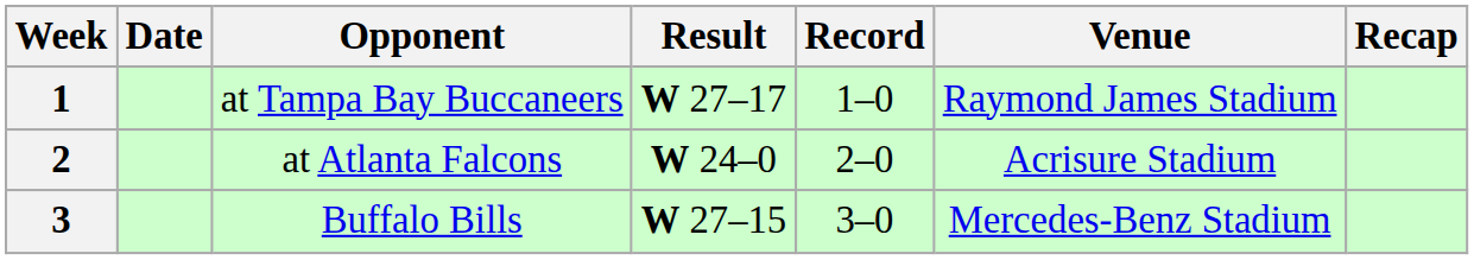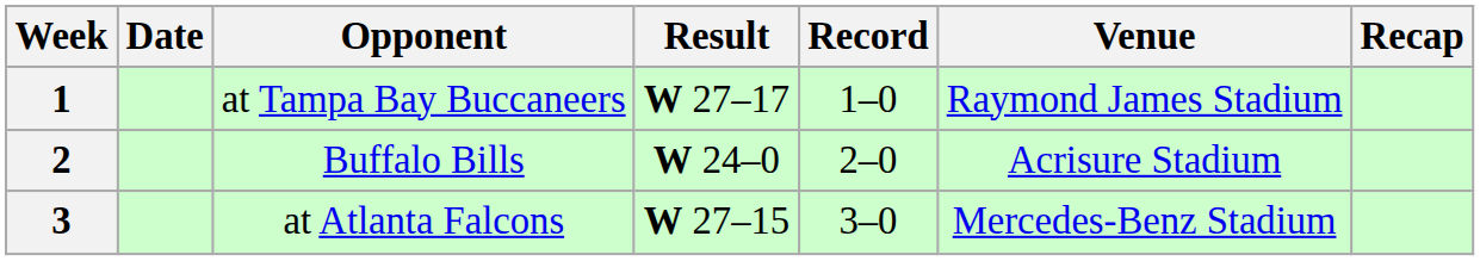 <table class="wikitable" style="text-align:center">
 <tr>
 <th>Week</th>
 <th>Date</th>
 <th>Opponent</th>
 <th>Result</th>
 <th>Record</th>
 <th>Venue</th>
 <th>Recap</th>
 </tr>
 <tr style="background:#cfc">
 <th>1</th>
 <td></td>
 <td>at <a href='#'>Tampa Bay Buccaneers</a></td>
 <td><strong>W</strong> 27–17</td>
 <td>1–0</td>
 <td><a href='#'>Raymond James Stadium</a></td>
 <td></td>
 </tr>
 <tr style="background:#cfc">
 <th>2</th>
 <td></td>
-<td>at <a href='#'>Atlanta Falcons</a></td>
+<td><a href='#'>Buffalo Bills</a></td>
 <td><strong>W</strong> 24–0</td>
 <td>2–0</td>
 <td><a href='#'>Acrisure Stadium</a></td>
 <td></td>
 </tr>
 <tr style="background:#cfc">
 <th>3</th>
 <td></td>
-<td><a href='#'>Buffalo Bills</a></td>
+<td>at <a href='#'>Atlanta Falcons</a></td>
 <td><strong>W</strong> 27–15</td>
 <td>3–0</td>
 <td><a href='#'>Mercedes-Benz Stadium</a></td>
 <td></td>
 </tr>
 </table>
